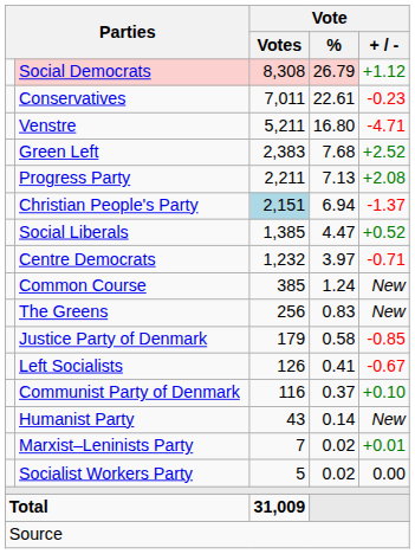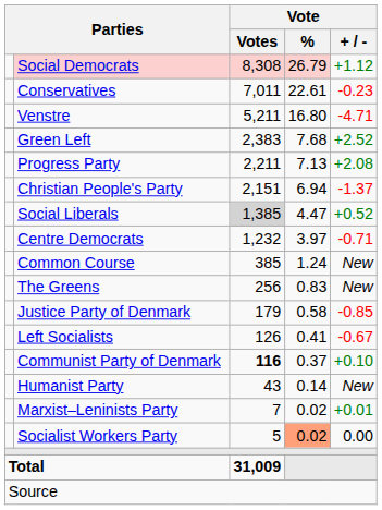 <table class="wikitable" style="text-align:right;">
 <tr>
 <th style="text-align:centre;" rowspan="2" colspan="2" width="225">Parties</th>
 <th colspan="3">Vote</th>
 </tr>
 <tr>
 <th width="15">Votes</th>
 <th width="15">%</th>
 <th width="15">+ / -</th>
 </tr>
 <tr>
 <td width="2" style="color:inherit;background:"></td>
 <td bgcolor=#fbd0ce  align="left"><a href='#'>Social Democrats</a></td>
 <td bgcolor=#fbd0ce>8,308</td>
 <td bgcolor=#fbd0ce>26.79</td>
 <td style=color:green;>+1.12</td>
 </tr>
 <tr>
 <td width="2" style="color:inherit;background:"></td>
 <td align="left"><a href='#'>Conservatives</a></td>
 <td>7,011</td>
 <td>22.61</td>
 <td style=color:red;>-0.23</td>
 </tr>
 <tr>
 <td width="2" style="color:inherit;background:"></td>
 <td align="left"><a href='#'>Venstre</a></td>
 <td>5,211</td>
 <td>16.80</td>
 <td style=color:red;>-4.71</td>
 </tr>
 <tr>
 <td width="2" style="color:inherit;background:"></td>
 <td align="left"><a href='#'>Green Left</a></td>
 <td>2,383</td>
 <td>7.68</td>
 <td style=color:green;>+2.52</td>
 </tr>
 <tr>
 <td width="2" style="color:inherit;background:"></td>
 <td align="left"><a href='#'>Progress Party</a></td>
 <td>2,211</td>
 <td>7.13</td>
 <td style=color:green;>+2.08</td>
 </tr>
 <tr>
 <td width="2" style="color:inherit;background:"></td>
 <td align="left"><a href='#'>Christian People's Party</a></td>
-<td style="background: lightblue;">2,151</td>
+<td>2,151</td>
 <td>6.94</td>
 <td style=color:red;>-1.37</td>
 </tr>
 <tr>
 <td width="2" style="color:inherit;background:"></td>
 <td align="left"><a href='#'>Social Liberals</a></td>
-<td>1,385</td>
+<td style="background: lightgrey;">1,385</td>
 <td>4.47</td>
 <td style=color:green;>+0.52</td>
 </tr>
 <tr>
 <td width="2" style="color:inherit;background:"></td>
 <td align="left"><a href='#'>Centre Democrats</a></td>
 <td>1,232</td>
 <td>3.97</td>
 <td style=color:red;>-0.71</td>
 </tr>
 <tr>
 <td width="2" style="color:inherit;background:"></td>
 <td align="left"><a href='#'>Common Course</a></td>
 <td>385</td>
 <td>1.24</td>
 <td><em>New</em></td>
 </tr>
 <tr>
 <td width="2" style="color:inherit;background:"></td>
 <td align="left"><a href='#'>The Greens</a></td>
 <td>256</td>
 <td>0.83</td>
 <td><em>New</em></td>
 </tr>
 <tr>
 <td width="2" style="color:inherit;background:"></td>
 <td align="left"><a href='#'>Justice Party of Denmark</a></td>
 <td>179</td>
 <td>0.58</td>
 <td style=color:red;>-0.85</td>
 </tr>
 <tr>
 <td width="2" style="color:inherit;background:"></td>
 <td align="left"><a href='#'>Left Socialists</a></td>
 <td>126</td>
 <td>0.41</td>
 <td style=color:red;>-0.67</td>
 </tr>
 <tr>
 <td width="2" style="color:inherit;background:"></td>
 <td align="left"><a href='#'>Communist Party of Denmark</a></td>
-<td>116</td>
+<td><strong>116</strong></td>
 <td>0.37</td>
 <td style=color:green;>+0.10</td>
 </tr>
 <tr>
 <td width="2" style="color:inherit;background:"></td>
 <td align="left"><a href='#'>Humanist Party</a></td>
 <td>43</td>
 <td>0.14</td>
 <td><em>New</em></td>
 </tr>
 <tr>
 <td width="2" style="color:inherit;background:"></td>
 <td align="left"><a href='#'>Marxist–Leninists Party</a></td>
 <td>7</td>
 <td>0.02</td>
 <td style=color:green;>+0.01</td>
 </tr>
 <tr>
 <td width="2" style="color:inherit;background:"></td>
 <td align="left"><a href='#'>Socialist Workers Party</a></td>
 <td>5</td>
-<td>0.02</td>
+<td style="background: lightsalmon;">0.02</td>
 <td>0.00</td>
 </tr>
 <tr>
 <td colspan="7" bgcolor="#E9E9E9"></td>
 </tr>
 <tr>
 <td align="left" colspan="2"><strong>Total</strong></td>
 <td><strong>31,009</strong></td>
 <td bgcolor="#E9E9E9" colspan="2"></td>
 </tr>
 <tr>
 <td align="left" colspan="6">Source</td>
 </tr>
 </table>
